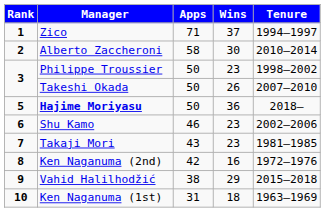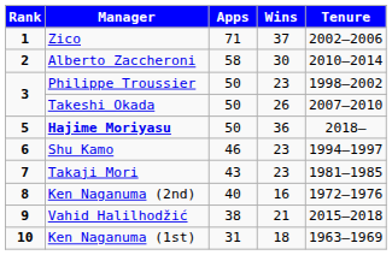 <table class="wikitable" style="text-align:center">
 <tr>
 <th style=background:blue;color:white;width:30px>Rank</th>
 <th style=background:blue;color:white;width:150px>Manager</th>
 <th style=background:blue;color:white;width:40px>Apps</th>
 <th style=background:blue;color:white;width:40px>Wins</th>
 <th style=background:blue;color:white;widht:100px>Tenure</th>
 </tr>
 <tr>
 <td><strong>1</strong></td>
 <td align=left> <a href='#'>Zico</a></td>
 <td>71</td>
 <td>37</td>
-<td>1994–1997</td>
+<td>2002–2006</td>
 </tr>
 <tr>
 <td><strong>2</strong></td>
 <td align=left> <a href='#'>Alberto Zaccheroni</a></td>
 <td>58</td>
 <td>30</td>
 <td>2010–2014</td>
 </tr>
 <tr>
 <td rowspan="2"><strong>3</strong></td>
 <td align=left> <a href='#'>Philippe Troussier</a></td>
 <td>50</td>
 <td>23</td>
 <td>1998–2002</td>
 </tr>
 <tr>
 <td align=left> <a href='#'>Takeshi Okada</a></td>
 <td>50</td>
 <td>26</td>
 <td>2007–2010</td>
 </tr>
 <tr>
 <td><strong>5</strong></td>
 <td align=left> <strong><a href='#'>Hajime Moriyasu</a></strong></td>
 <td>50</td>
 <td>36</td>
 <td>2018–</td>
 </tr>
 <tr>
 <td><strong>6</strong></td>
 <td align=left> <a href='#'>Shu Kamo</a></td>
 <td>46</td>
 <td>23</td>
-<td>2002–2006</td>
+<td>1994–1997</td>
 </tr>
 <tr>
 <td><strong>7</strong></td>
 <td align=left> <a href='#'>Takaji Mori</a></td>
 <td>43</td>
 <td>23</td>
 <td>1981–1985</td>
 </tr>
 <tr>
 <td><strong>8</strong></td>
 <td align=left> <a href='#'>Ken Naganuma</a> (2nd)</td>
-<td>42</td>
+<td>40</td>
 <td>16</td>
 <td>1972–1976</td>
 </tr>
 <tr>
 <td><strong>9</strong></td>
 <td align=left> <a href='#'>Vahid Halilhodžić</a></td>
 <td>38</td>
-<td>29</td>
+<td>21</td>
 <td>2015–2018</td>
 </tr>
 <tr>
 <td><strong>10</strong></td>
 <td align=left> <a href='#'>Ken Naganuma</a> (1st)</td>
 <td>31</td>
 <td>18</td>
 <td>1963–1969</td>
 </tr>
 </table>
